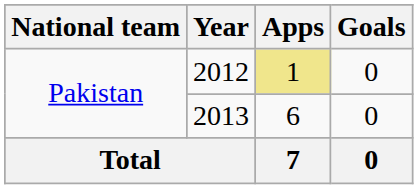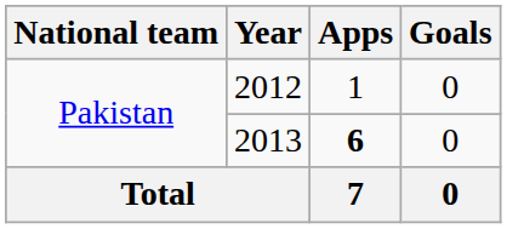 <table class="wikitable" style="text-align:center">
 <tr>
 <th>National team</th>
 <th>Year</th>
 <th>Apps</th>
 <th>Goals</th>
 </tr>
 <tr>
 <td rowspan="2"><a href='#'>Pakistan</a></td>
 <td>2012</td>
-<td style="background: khaki;">1</td>
+<td>1</td>
 <td>0</td>
 </tr>
 <tr>
 <td>2013</td>
-<td>6</td>
+<td><strong>6</strong></td>
 <td>0</td>
 </tr>
 <tr>
 <th colspan="2">Total</th>
 <th>7</th>
 <th>0</th>
 </tr>
 </table>
